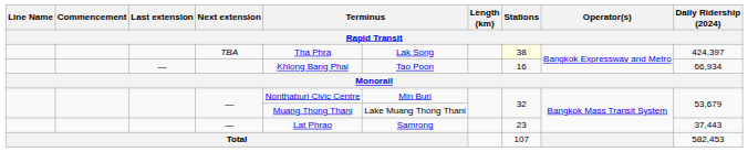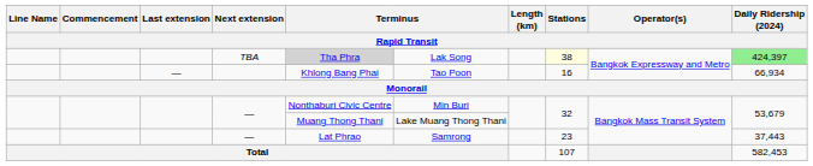 <table class="wikitable sortable" style="margin:auto;font-align:center;text-align:center;font-size:80%;">
 <tr>
 <th>Line Name</th>
 <th>Commencement</th>
 <th>Last extension</th>
 <th>Next extension</th>
 <th colspan="2">Terminus</th>
 <th>Length<br>(km)</th>
 <th>Stations</th>
 <th>Operator(s)</th>
 <th>Daily Ridership<br>(2024)</th>
 </tr>
 <tr>
 <th colspan="10"><strong><a href='#'>Rapid Transit</a></strong></th>
 </tr>
 <tr>
 <td style="background:#"><strong><a href='#'></a></strong></td>
 <td></td>
 <td></td>
 <td><abbr><em>TBA</em></abbr></td>
-<td><a href='#'>Tha Phra</a></td>
+<td style="background: lightgrey;"><a href='#'>Tha Phra</a></td>
 <td><a href='#'>Lak Song</a></td>
 <td></td>
 <td style="background: lightyellow;">38</td>
 <td rowspan="2"><a href='#'>Bangkok Expressway and Metro</a></td>
-<td>424,397</td>
+<td style="background: lightgreen;">424,397</td>
 </tr>
 <tr>
 <td style="background:#"><strong><a href='#'></a></strong></td>
 <td></td>
 <td>—</td>
 <td><em></em></td>
 <td><a href='#'>Khlong Bang Phai</a></td>
 <td><a href='#'>Tao Poon</a></td>
 <td></td>
 <td>16</td>
 <td>66,934</td>
 </tr>
 <tr>
 <th colspan="10"><a href='#'>Monorail</a></th>
 </tr>
 <tr>
 <td rowspan="2" style="background:#"><strong><a href='#'></a></strong></td>
 <td rowspan="2"></td>
 <td rowspan="2"><em></em></td>
 <td rowspan="2">—</td>
 <td><a href='#'>Nonthaburi Civic Centre</a></td>
 <td><a href='#'>Min Buri</a></td>
 <td rowspan="2"></td>
 <td rowspan="2">32</td>
 <td rowspan="3"><a href='#'>Bangkok Mass Transit System</a></td>
 <td rowspan="2">53,679</td>
 </tr>
 <tr>
 <td><a href='#'>Muang Thong Thani</a></td>
 <td>Lake Muang Thong Thani</td>
 </tr>
 <tr>
 <td style="background:#"><strong><a href='#'></a></strong></td>
 <td></td>
 <td></td>
 <td>—</td>
 <td><a href='#'>Lat Phrao</a></td>
 <td><a href='#'>Samrong</a></td>
 <td></td>
 <td>23</td>
 <td>37,443</td>
 </tr>
 <tr>
 <th colspan="6">Total</th>
 <td></td>
 <td>107</td>
 <th></th>
 <td>582,453</td>
 </tr>
 </table>
